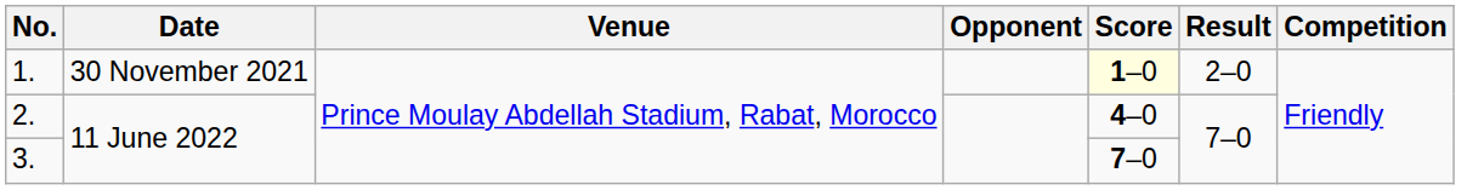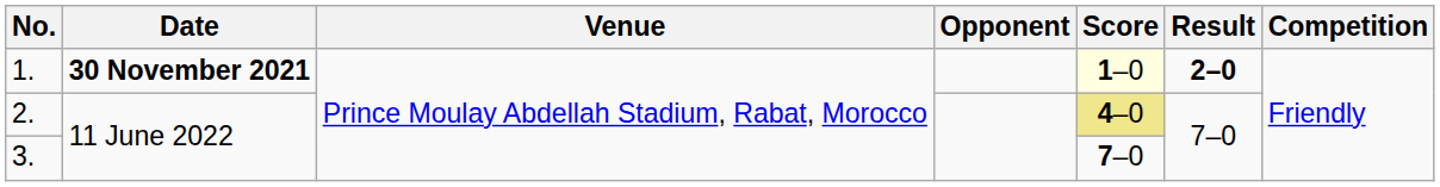 <table class="wikitable">
 <tr>
 <th>No.</th>
 <th>Date</th>
 <th>Venue</th>
 <th>Opponent</th>
 <th>Score</th>
 <th>Result</th>
 <th>Competition</th>
 </tr>
 <tr>
 <td>1.</td>
-<td>30 November 2021</td>
+<td><strong>30 November 2021</strong></td>
 <td rowspan="3"><a href='#'>Prince Moulay Abdellah Stadium</a>, <a href='#'>Rabat</a>, <a href='#'>Morocco</a></td>
 <td></td>
 <td align="center" style="background: lightyellow;"><strong>1</strong>–0</td>
-<td align="center">2–0</td>
+<td align="center"><strong>2–0</strong></td>
 <td rowspan="3"><a href='#'>Friendly</a></td>
 </tr>
 <tr>
 <td>2.</td>
 <td rowspan="2">11 June 2022</td>
 <td rowspan="2"></td>
-<td align="center"><strong>4</strong>–0</td>
+<td align="center" style="background: khaki;"><strong>4</strong>–0</td>
 <td rowspan="2" align="center">7–0</td>
 </tr>
 <tr>
 <td>3.</td>
 <td align="center"><strong>7</strong>–0</td>
 </tr>
 </table>
